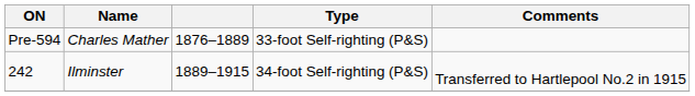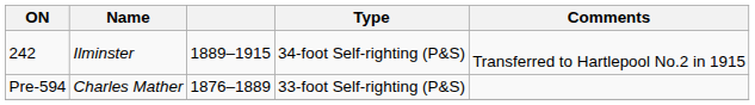 <table class="wikitable">
 <tr>
 <th>ON</th>
 <th>Name</th>
 <th></th>
 <th>Type</th>
 <th>Comments</th>
 </tr>
 <tr>
+<td>242</td>
+<td><em>Ilminster</em></td>
+<td>1889–1915</td>
+<td>34-foot Self-righting (P&S)</td>
+<td><br>Transferred to Hartlepool No.2 in 1915</td>
+</tr>
+<tr>
 <td>Pre-594</td>
 <td><em>Charles Mather</em></td>
 <td>1876–1889</td>
 <td>33-foot Self-righting (P&S)</td>
 <td></td>
 </tr>
 <tr>
-<td>242</td>
-<td><em>Ilminster</em></td>
-<td>1889–1915</td>
-<td>34-foot Self-righting (P&S)</td>
-<td><br>Transferred to Hartlepool No.2 in 1915</td>
-</tr>
-<tr>
 </tr>
 </table>
